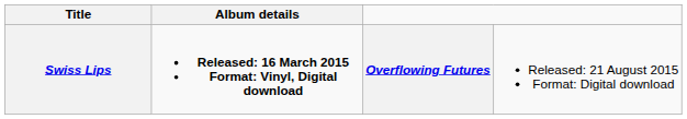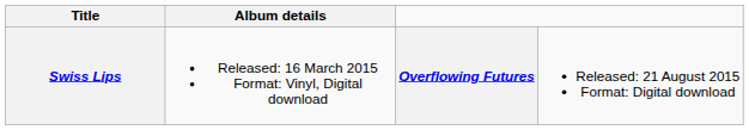 <table class="wikitable plainrowheaders" style="text-align:center;">
 <tr>
 <th scope="col" style="width:11em;">Title</th>
 <th scope="col" style="width:16em;">Album details</th>
 </tr>
 <tr>
 <th scope="row"><em><a href='#'>Swiss Lips</a></em></th>
-<td><strong><br><ul><li>Released: 16 March 2015</li><li>Format: Vinyl, Digital download</li></ul></strong></td>
+<td><br><ul><li>Released: 16 March 2015</li><li>Format: Vinyl, Digital download</li></ul></td>
 <th scope="row"><em><a href='#'>Overflowing Futures</a></em></th>
 <td><br><ul><li>Released: 21 August 2015</li><li>Format: Digital download</li></ul></td>
 </tr>
 </table>
